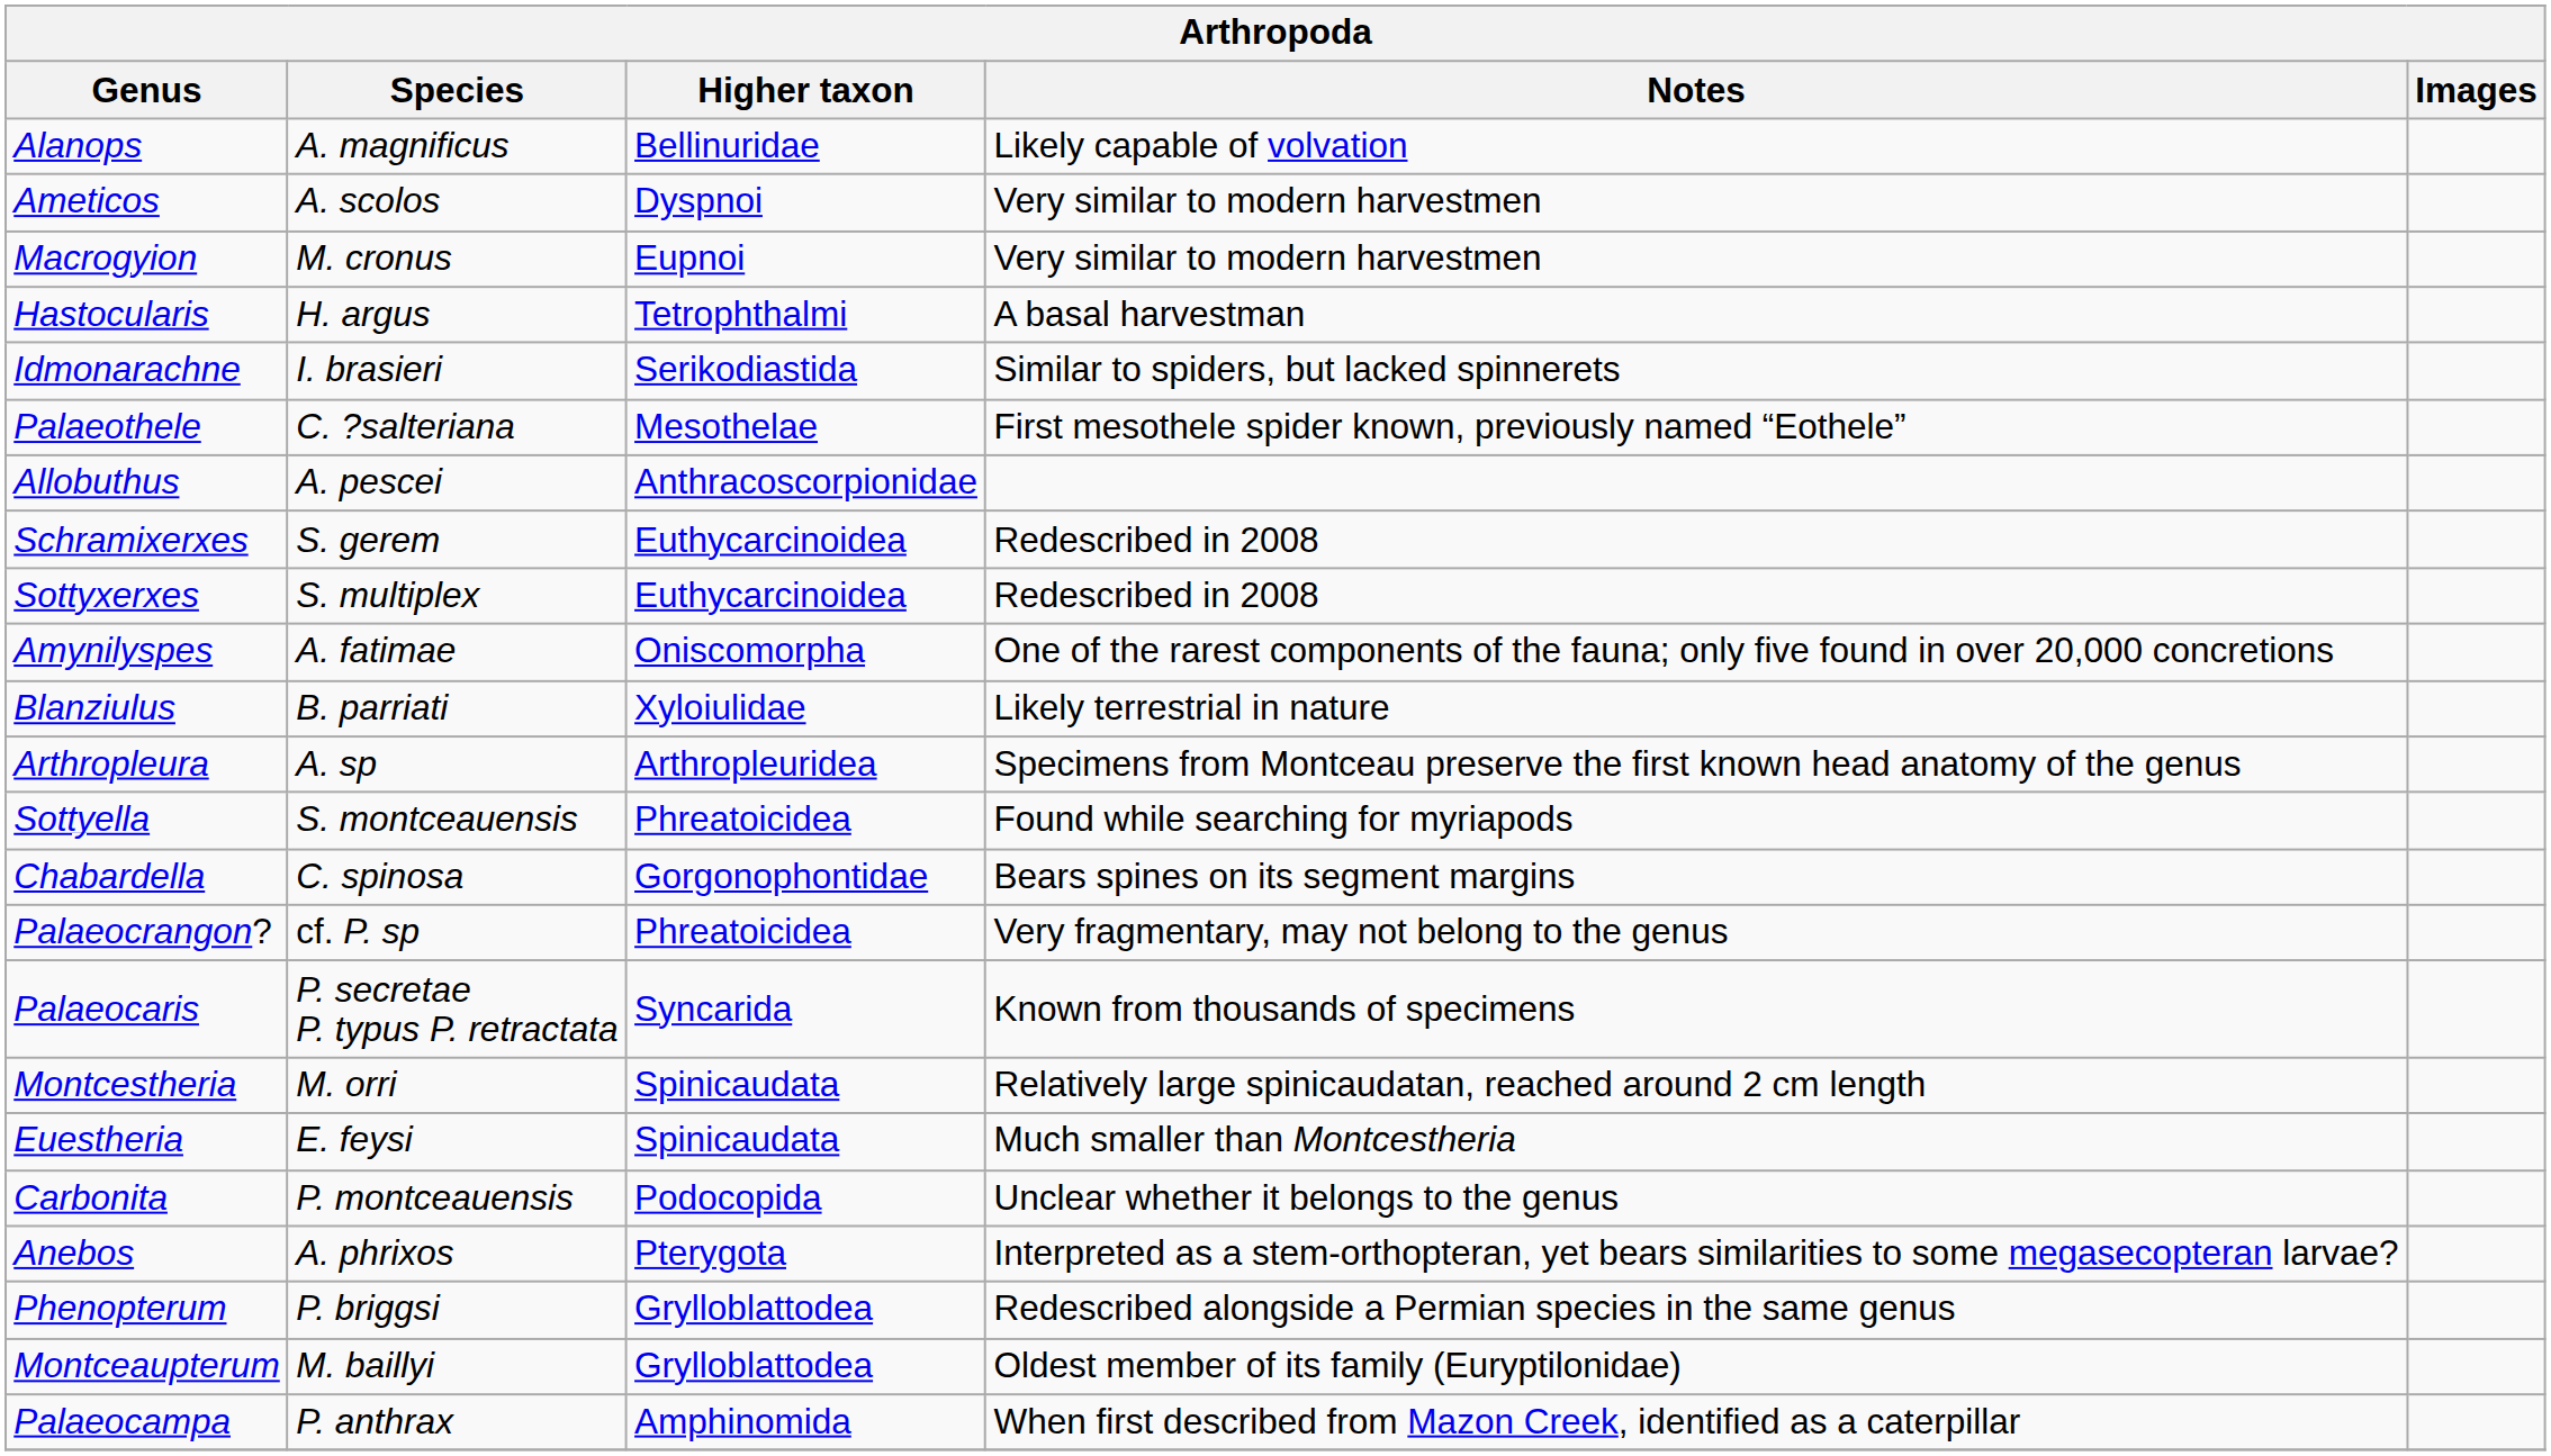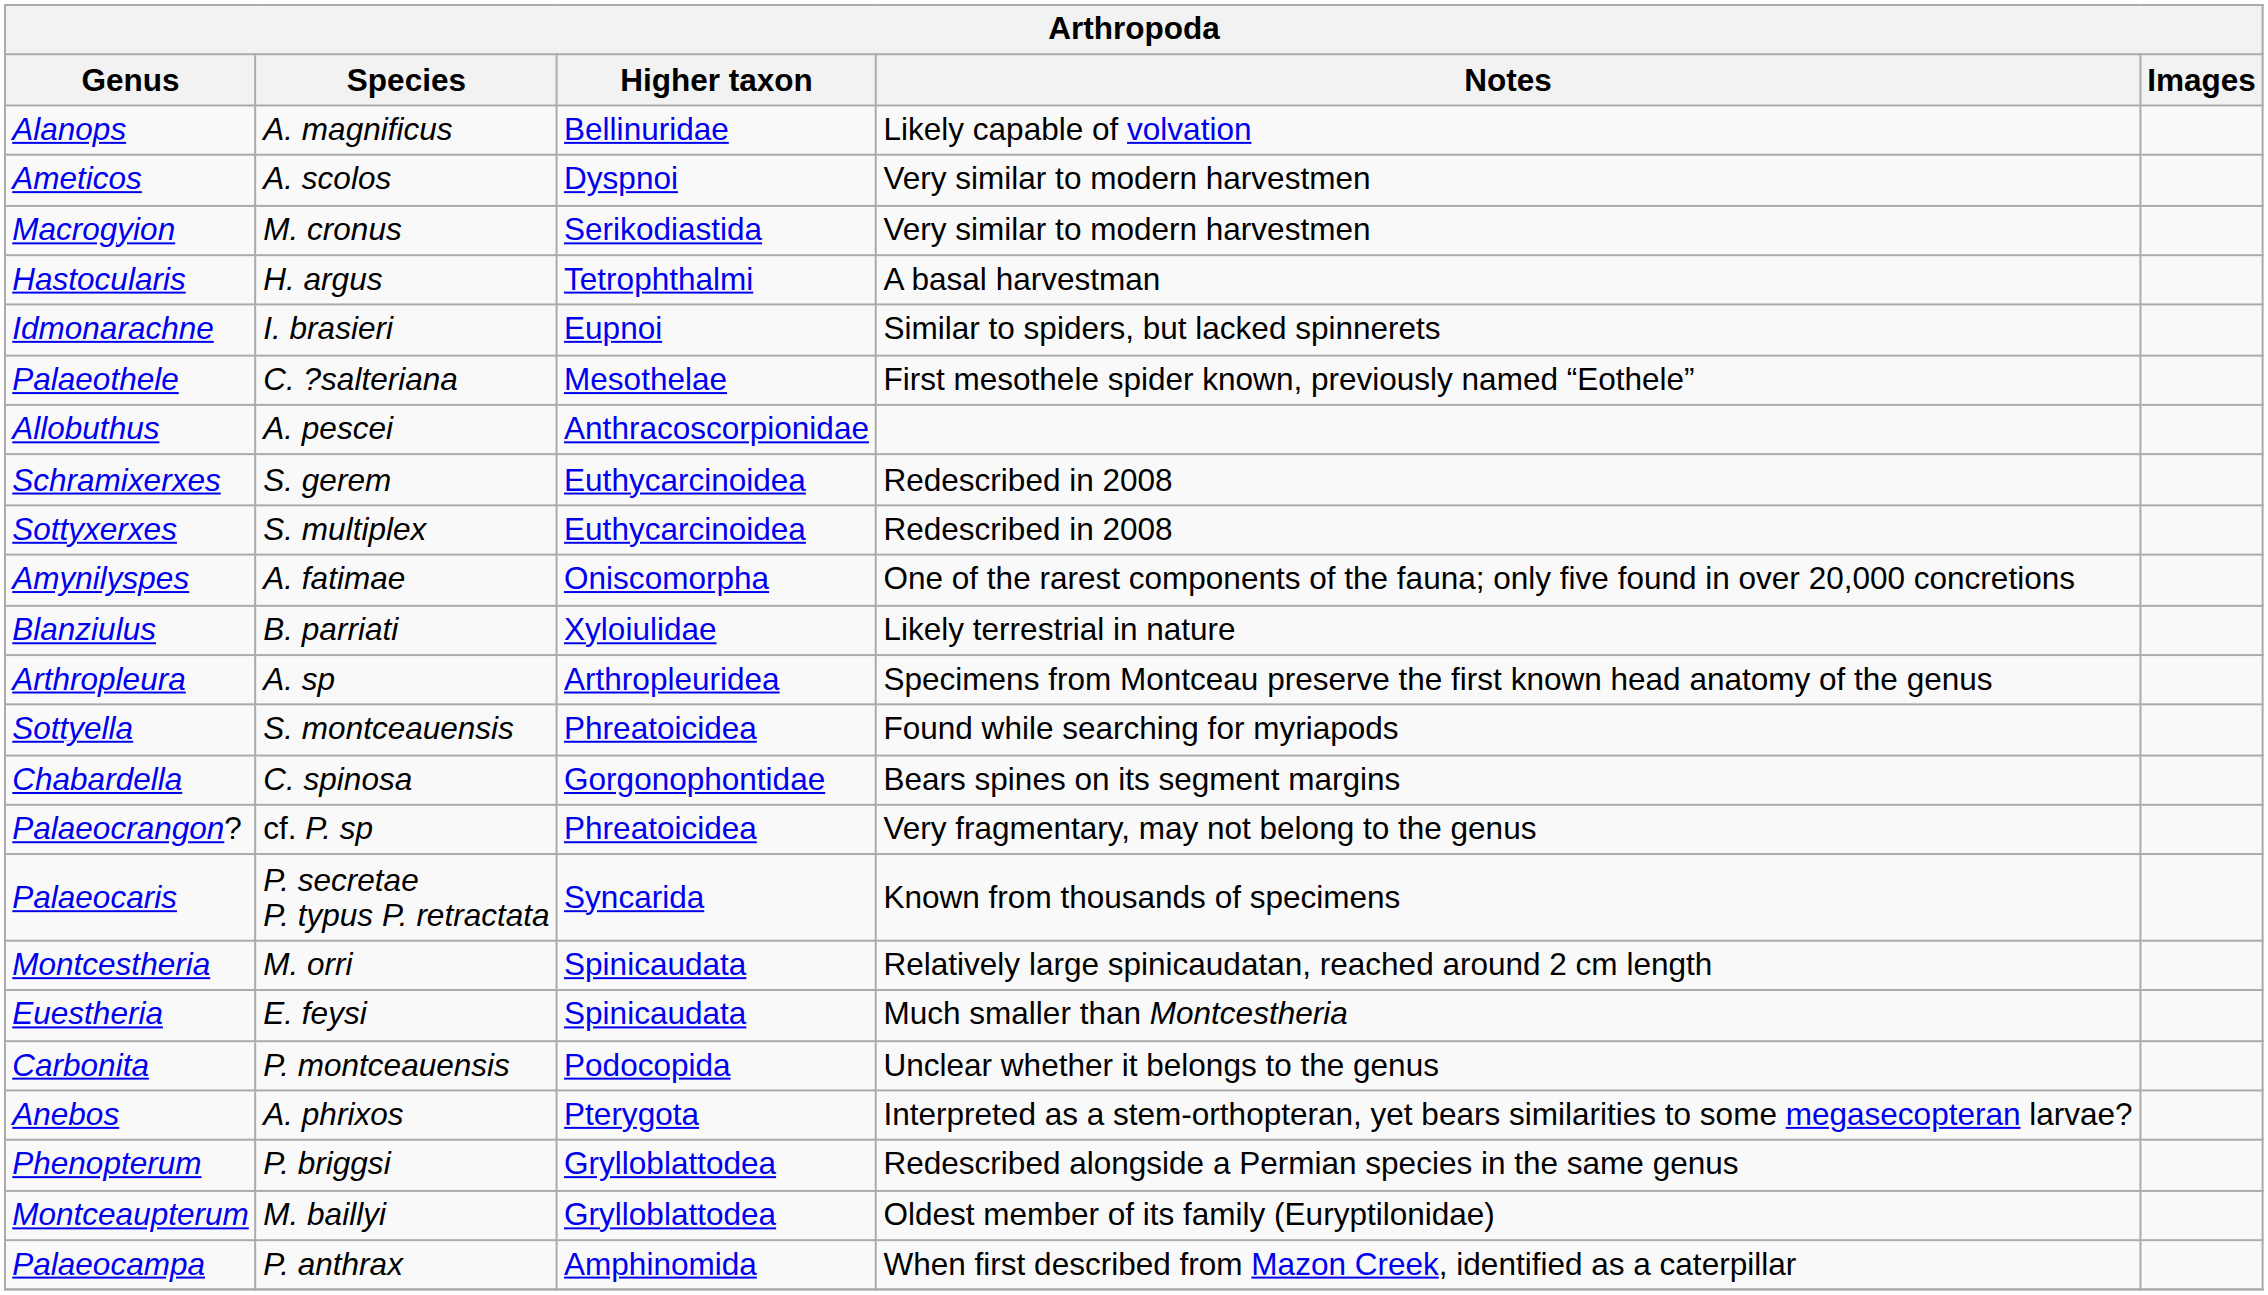 <table class="wikitable sortable mw-collapsible">
 <tr>
 <th colspan="6" align="center">Arthropoda</th>
 </tr>
 <tr>
 <th>Genus</th>
 <th>Species</th>
 <th>Higher taxon</th>
 <th>Notes</th>
 <th>Images</th>
 </tr>
 <tr>
 <td><em><a href='#'>Alanops</a></em></td>
 <td><em>A. magnificus</em></td>
 <td><a href='#'>Bellinuridae</a></td>
 <td>Likely capable of <a href='#'>volvation</a></td>
 <td></td>
 </tr>
 <tr>
 <td><em><a href='#'>Ameticos</a></em></td>
 <td><em>A. scolos</em></td>
 <td><a href='#'>Dyspnoi</a></td>
 <td>Very similar to modern harvestmen</td>
 <td></td>
 </tr>
 <tr>
 <td><em><a href='#'>Macrogyion</a></em></td>
 <td><em>M. cronus</em></td>
-<td><a href='#'>Eupnoi</a></td>
+<td><a href='#'>Serikodiastida</a></td>
 <td>Very similar to modern harvestmen</td>
 <td></td>
 </tr>
 <tr>
 <td><em><a href='#'>Hastocularis</a></em></td>
 <td><em>H. argus</em></td>
 <td><a href='#'>Tetrophthalmi</a></td>
 <td>A basal harvestman</td>
 <td></td>
 </tr>
 <tr>
 <td><em><a href='#'>Idmonarachne</a></em></td>
 <td><em>I. brasieri</em></td>
-<td><a href='#'>Serikodiastida</a></td>
+<td><a href='#'>Eupnoi</a></td>
 <td>Similar to spiders, but lacked spinnerets</td>
 <td></td>
 </tr>
 <tr>
 <td><em><a href='#'>Palaeothele</a></em></td>
 <td><em>C. ?salteriana</em></td>
 <td><a href='#'>Mesothelae</a></td>
 <td>First mesothele spider known, previously named “Eothele”</td>
 <td></td>
 </tr>
 <tr>
 <td><em><a href='#'>Allobuthus</a></em></td>
 <td><em>A. pescei</em></td>
 <td><a href='#'>Anthracoscorpionidae</a></td>
 <td></td>
 <td></td>
 </tr>
 <tr>
 <td><em><a href='#'>Schramixerxes</a></em></td>
 <td><em>S. gerem</em></td>
 <td><a href='#'>Euthycarcinoidea</a></td>
 <td>Redescribed in 2008</td>
 <td></td>
 </tr>
 <tr>
 <td><em><a href='#'>Sottyxerxes</a></em></td>
 <td><em>S. multiplex</em></td>
 <td><a href='#'>Euthycarcinoidea</a></td>
 <td>Redescribed in 2008</td>
 <td></td>
 </tr>
 <tr>
 <td><em><a href='#'>Amynilyspes</a></em></td>
 <td><em>A. fatimae</em></td>
 <td><a href='#'>Oniscomorpha</a></td>
 <td>One of the rarest components of the fauna; only five found in over 20,000 concretions</td>
 <td></td>
 </tr>
 <tr>
 <td><em><a href='#'>Blanziulus</a></em></td>
 <td><em>B. parriati</em></td>
 <td><a href='#'>Xyloiulidae</a></td>
 <td>Likely terrestrial in nature</td>
 <td></td>
 </tr>
 <tr>
 <td><em><a href='#'>Arthropleura</a></em></td>
 <td><em>A. sp</em></td>
 <td><a href='#'>Arthropleuridea</a></td>
 <td>Specimens from Montceau preserve the first known head anatomy of the genus</td>
 <td><br></td>
 </tr>
 <tr>
 <td><em><a href='#'>Sottyella</a></em></td>
 <td><em>S. montceauensis</em></td>
 <td><a href='#'>Phreatoicidea</a></td>
 <td>Found while searching for myriapods</td>
 <td></td>
 </tr>
 <tr>
 <td><em><a href='#'>Chabardella</a></em></td>
 <td><em>C. spinosa</em></td>
 <td><a href='#'>Gorgonophontidae</a></td>
 <td>Bears spines on its segment margins</td>
 <td></td>
 </tr>
 <tr>
 <td><em><a href='#'>Palaeocrangon</a></em>?</td>
 <td>cf. <em>P. sp</em></td>
 <td><a href='#'>Phreatoicidea</a></td>
 <td>Very fragmentary, may not belong to the genus</td>
 <td></td>
 </tr>
 <tr>
 <td><em><a href='#'>Palaeocaris</a></em></td>
 <td><em>P. secretae</em><br><em>P. typus</em> <em>P. retractata</em></td>
 <td><a href='#'>Syncarida</a></td>
 <td>Known from thousands of specimens</td>
 <td></td>
 </tr>
 <tr>
 <td><em><a href='#'>Montcestheria</a></em></td>
 <td><em>M. orri</em></td>
 <td><a href='#'>Spinicaudata</a></td>
 <td>Relatively large spinicaudatan, reached around 2 cm length</td>
 <td></td>
 </tr>
 <tr>
 <td><em><a href='#'>Euestheria</a></em></td>
 <td><em>E. feysi</em></td>
 <td><a href='#'>Spinicaudata</a></td>
 <td>Much smaller than <em>Montcestheria</em></td>
 <td></td>
 </tr>
 <tr>
 <td><em><a href='#'>Carbonita</a></em></td>
 <td><em>P. montceauensis</em></td>
 <td><a href='#'>Podocopida</a></td>
 <td>Unclear whether it belongs to the genus</td>
 <td></td>
 </tr>
 <tr>
 <td><em><a href='#'>Anebos</a></em></td>
 <td><em>A. phrixos</em></td>
 <td><a href='#'>Pterygota</a></td>
 <td>Interpreted as a stem-orthopteran, yet bears similarities to some <a href='#'>megasecopteran</a> larvae?</td>
 <td></td>
 </tr>
 <tr>
 <td><em><a href='#'>Phenopterum</a></em></td>
 <td><em>P. briggsi</em></td>
 <td><a href='#'>Grylloblattodea</a></td>
 <td>Redescribed alongside a Permian species in the same genus</td>
 <td></td>
 </tr>
 <tr>
 <td><em><a href='#'>Montceaupterum</a></em></td>
 <td><em>M. baillyi</em></td>
 <td><a href='#'>Grylloblattodea</a></td>
 <td>Oldest member of its family (Euryptilonidae)</td>
 <td></td>
 </tr>
 <tr>
 <td><em><a href='#'>Palaeocampa</a></em></td>
 <td><em>P. anthrax</em></td>
 <td><a href='#'>Amphinomida</a></td>
 <td>When first described from <a href='#'>Mazon Creek</a>, identified as a caterpillar</td>
 <td></td>
 </tr>
 <tr>
 </tr>
 </table>
